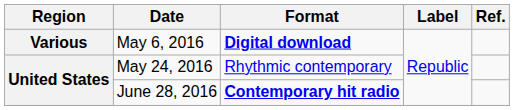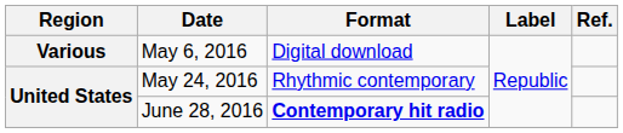 <table class="wikitable plainrowheaders">
 <tr>
 <th scope="col">Region</th>
 <th scope="col">Date</th>
 <th scope="col">Format</th>
 <th scope="col">Label</th>
 <th scope="col">Ref.</th>
 </tr>
 <tr>
 <th scope="row">Various</th>
 <td>May 6, 2016</td>
-<td><strong><a href='#'>Digital download</a></strong></td>
+<td><a href='#'>Digital download</a></td>
 <td rowspan="3"><a href='#'>Republic</a></td>
 <td align="center"></td>
 </tr>
 <tr>
 <th scope="row" rowspan="2">United States</th>
 <td>May 24, 2016</td>
 <td><a href='#'>Rhythmic contemporary</a></td>
 <td align="center"></td>
 </tr>
 <tr>
 <td>June 28, 2016</td>
 <td><strong><a href='#'>Contemporary hit radio</a></strong></td>
 <td align="center"></td>
 </tr>
 <tr>
 </tr>
 </table>
